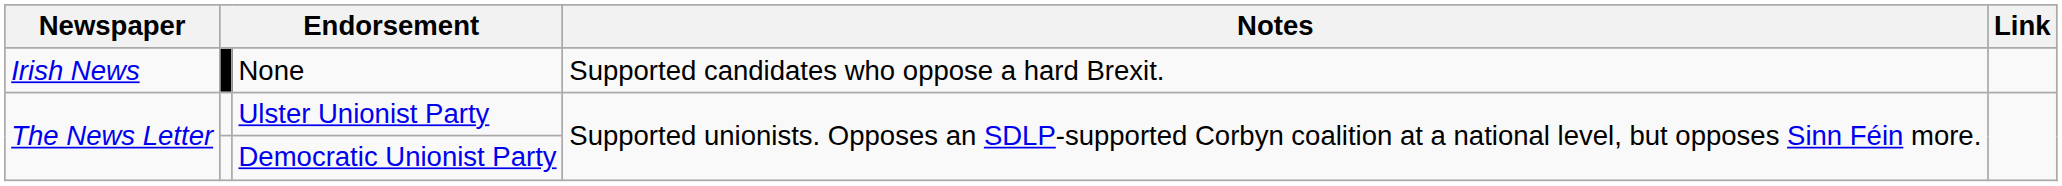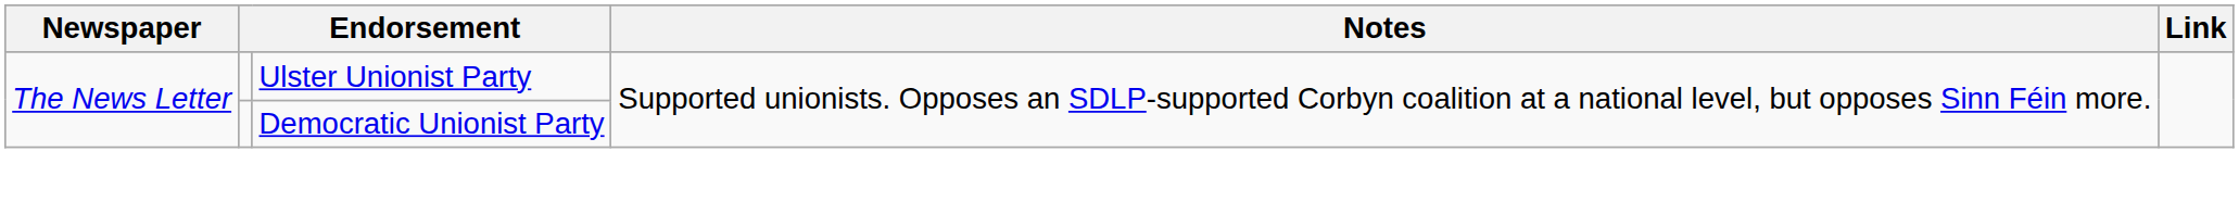 <table class="wikitable">
 <tr>
 <th>Newspaper</th>
 <th colspan=2>Endorsement</th>
 <th>Notes</th>
 <th>Link</th>
-</tr>
-<tr>
-<td><em><a href='#'>Irish News</a></em></td>
-<td style="background-color: #000000"></td>
-<td>None</td>
-<td>Supported candidates who oppose a hard Brexit.</td>
-<td></td>
 </tr>
 <tr>
 <td rowspan=2><em><a href='#'>The News Letter</a></em></td>
 <td style="background-color: "></td>
 <td><a href='#'>Ulster Unionist Party</a></td>
 <td rowspan=2>Supported unionists. Opposes an <a href='#'>SDLP</a>-supported Corbyn coalition at a national level, but opposes <a href='#'>Sinn Féin</a> more.</td>
 <td rowspan=2></td>
 </tr>
 <tr>
 <td style="background-color: "></td>
 <td><a href='#'>Democratic Unionist Party</a></td>
 </tr>
 </table>
